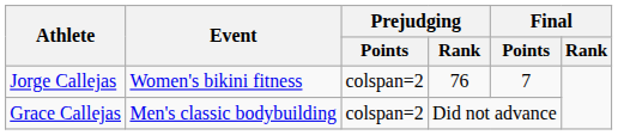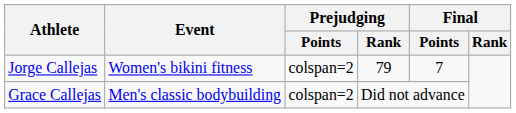 <table class=wikitable style="font-size:90%">
 <tr>
 <th rowspan="2">Athlete</th>
 <th rowspan="2">Event</th>
 <th colspan="2">Prejudging</th>
 <th colspan="2">Final</th>
 </tr>
 <tr style="font-size:95%">
 <th>Points</th>
 <th>Rank</th>
 <th>Points</th>
 <th>Rank</th>
 </tr>
 <tr align=center>
 <td align=left><a href='#'>Jorge Callejas</a></td>
 <td align=left><a href='#'>Women's bikini fitness</a></td>
 <td>colspan=2 </td>
-<td>76</td>
+<td>79</td>
 <td>7</td>
 </tr>
 <tr align=center>
 <td align=left><a href='#'>Grace Callejas</a></td>
 <td align=left><a href='#'>Men's classic bodybuilding</a></td>
 <td>colspan=2 </td>
 <td colspan=2>Did not advance</td>
 </tr>
 </table>
